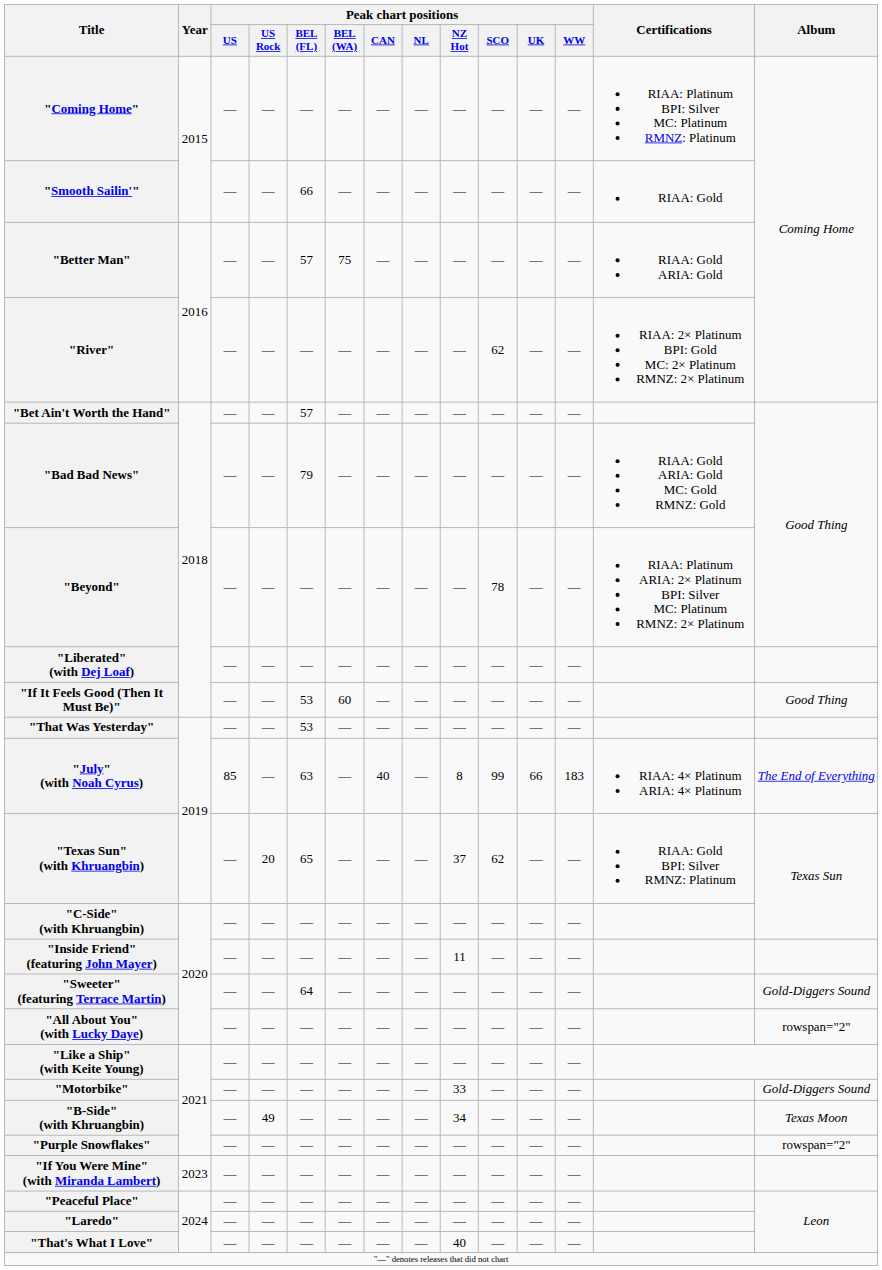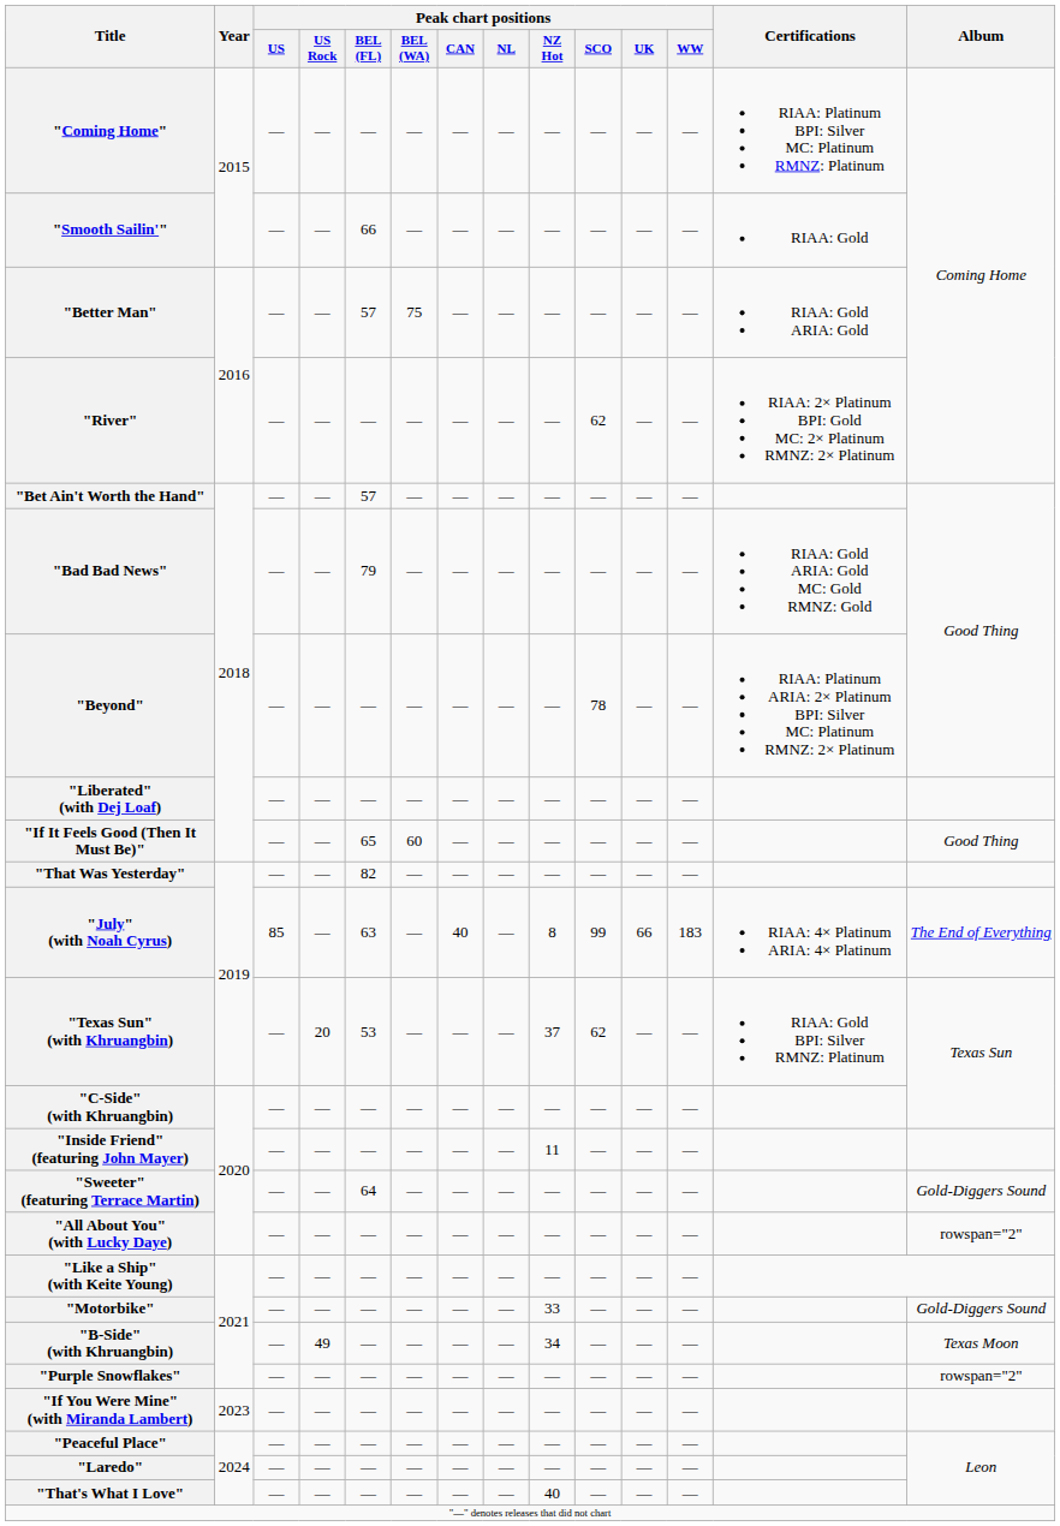 <table class="wikitable plainrowheaders" style="text-align:center;">
 <tr>
 <th scope="col" rowspan="2" style="width:13em;">Title</th>
 <th scope="col" rowspan="2" style="width:1em;">Year</th>
 <th scope="col" colspan="10">Peak chart positions</th>
 <th scope="col" rowspan="2" style="width:12em;">Certifications</th>
 <th scope="col" rowspan="2">Album</th>
 </tr>
 <tr>
 <th scope="col" style="width:3em;font-size:85%;"><a href='#'>US</a><br></th>
 <th scope="col" style="width:3em;font-size:85%;"><a href='#'>US<br>Rock</a><br></th>
 <th scope="col" style="width:3em;font-size:85%;"><a href='#'>BEL<br>(FL)</a><br></th>
 <th scope="col" style="width:3em;font-size:85%;"><a href='#'>BEL<br>(WA)</a><br></th>
 <th scope="col" style="width:3em;font-size:85%;"><a href='#'>CAN</a><br></th>
 <th scope="col" style="width:3em;font-size:85%;"><a href='#'>NL</a><br></th>
 <th scope="col" style="width:3em;font-size:85%;"><a href='#'>NZ<br>Hot</a><br></th>
 <th scope="col" style="width:3em;font-size:85%;"><a href='#'>SCO</a><br></th>
 <th scope="col" style="width:3em;font-size:85%;"><a href='#'>UK</a><br></th>
 <th scope="col" style="width:3em;font-size:85%;"><a href='#'>WW</a><br></th>
 </tr>
 <tr>
 <th scope="row">"<a href='#'>Coming Home</a>"</th>
 <td rowspan="2">2015</td>
 <td>—</td>
 <td>—</td>
 <td>—</td>
 <td>—</td>
 <td>—</td>
 <td>—</td>
 <td>—</td>
 <td>—</td>
 <td>—</td>
 <td>—</td>
 <td><br><ul><li>RIAA: Platinum</li><li>BPI: Silver</li><li>MC: Platinum</li><li><a href='#'>RMNZ</a>: Platinum</li></ul></td>
 <td rowspan="4"><em>Coming Home</em></td>
 </tr>
 <tr>
 <th scope="row">"<a href='#'>Smooth Sailin'</a>"</th>
 <td>—</td>
 <td>—</td>
 <td>66</td>
 <td>—</td>
 <td>—</td>
 <td>—</td>
 <td>—</td>
 <td>—</td>
 <td>—</td>
 <td>—</td>
 <td><br><ul><li>RIAA: Gold</li></ul></td>
 </tr>
 <tr>
 <th scope="row">"Better Man"</th>
 <td rowspan="2">2016</td>
 <td>—</td>
 <td>—</td>
 <td>57</td>
 <td>75</td>
 <td>—</td>
 <td>—</td>
 <td>—</td>
 <td>—</td>
 <td>—</td>
 <td>—</td>
 <td><br><ul><li>RIAA: Gold</li><li>ARIA: Gold</li></ul></td>
 </tr>
 <tr>
 <th scope="row">"River"</th>
 <td>—</td>
 <td>—</td>
 <td>—</td>
 <td>—</td>
 <td>—</td>
 <td>—</td>
 <td>—</td>
 <td>62</td>
 <td>—</td>
 <td>—</td>
 <td><br><ul><li>RIAA: 2× Platinum</li><li>BPI: Gold</li><li>MC: 2× Platinum</li><li>RMNZ: 2× Platinum</li></ul></td>
 </tr>
 <tr>
 <th scope="row">"Bet Ain't Worth the Hand"</th>
 <td rowspan="5">2018</td>
 <td>—</td>
 <td>—</td>
 <td>57</td>
 <td>—</td>
 <td>—</td>
 <td>—</td>
 <td>—</td>
 <td>—</td>
 <td>—</td>
 <td>—</td>
 <td></td>
 <td rowspan="3"><em>Good Thing</em></td>
 </tr>
 <tr>
 <th scope="row">"Bad Bad News"</th>
 <td>—</td>
 <td>—</td>
 <td>79</td>
 <td>—</td>
 <td>—</td>
 <td>—</td>
 <td>—</td>
 <td>—</td>
 <td>—</td>
 <td>—</td>
 <td><br><ul><li>RIAA: Gold</li><li>ARIA: Gold</li><li>MC: Gold</li><li>RMNZ: Gold</li></ul></td>
 </tr>
 <tr>
 <th scope="row">"Beyond"</th>
 <td>—</td>
 <td>—</td>
 <td>—</td>
 <td>—</td>
 <td>—</td>
 <td>—</td>
 <td>—</td>
 <td>78</td>
 <td>—</td>
 <td>—</td>
 <td><br><ul><li>RIAA: Platinum</li><li>ARIA: 2× Platinum</li><li>BPI: Silver</li><li>MC: Platinum</li><li>RMNZ: 2× Platinum</li></ul></td>
 </tr>
 <tr>
 <th scope="row">"Liberated"<br><span>(with <a href='#'>Dej Loaf</a>)</span></th>
 <td>—</td>
 <td>—</td>
 <td>—</td>
 <td>—</td>
 <td>—</td>
 <td>—</td>
 <td>—</td>
 <td>—</td>
 <td>—</td>
 <td>—</td>
 <td></td>
 <td></td>
 </tr>
 <tr>
 <th scope="row">"If It Feels Good (Then It Must Be)"</th>
 <td>—</td>
 <td>—</td>
-<td>53</td>
+<td>65</td>
 <td>60</td>
 <td>—</td>
 <td>—</td>
 <td>—</td>
 <td>—</td>
 <td>—</td>
 <td>—</td>
 <td></td>
 <td><em>Good Thing</em></td>
 </tr>
 <tr>
 <th scope="row">"That Was Yesterday"</th>
 <td rowspan="3">2019</td>
 <td>—</td>
 <td>—</td>
-<td>53</td>
+<td>82</td>
 <td>—</td>
 <td>—</td>
 <td>—</td>
 <td>—</td>
 <td>—</td>
 <td>—</td>
 <td>—</td>
 <td></td>
 <td></td>
 </tr>
 <tr>
 <th scope="row">"<a href='#'>July</a>"<br><span>(with <a href='#'>Noah Cyrus</a>)</span></th>
 <td>85</td>
 <td>—</td>
 <td>63</td>
 <td>—</td>
 <td>40</td>
 <td>—</td>
 <td>8</td>
 <td>99</td>
 <td>66</td>
 <td>183</td>
 <td><br><ul><li>RIAA: 4× Platinum</li><li>ARIA: 4× Platinum</li></ul></td>
 <td><em><a href='#'>The End of Everything</a></em></td>
 </tr>
 <tr>
 <th scope="row">"Texas Sun"<br><span>(with <a href='#'>Khruangbin</a>)</span></th>
 <td>—</td>
 <td>20</td>
-<td>65</td>
+<td>53</td>
 <td>—</td>
 <td>—</td>
 <td>—</td>
 <td>37</td>
 <td>62</td>
 <td>—</td>
 <td>—</td>
 <td><br><ul><li>RIAA: Gold</li><li>BPI: Silver</li><li>RMNZ: Platinum</li></ul></td>
 <td rowspan="2"><em>Texas Sun</em></td>
 </tr>
 <tr>
 <th scope="row">"C-Side"<br><span>(with Khruangbin)</span></th>
 <td rowspan="4">2020</td>
 <td>—</td>
 <td>—</td>
 <td>—</td>
 <td>—</td>
 <td>—</td>
 <td>—</td>
 <td>—</td>
 <td>—</td>
 <td>—</td>
 <td>—</td>
 <td></td>
 </tr>
 <tr>
 <th scope="row">"Inside Friend"<br><span>(featuring <a href='#'>John Mayer</a>)</span></th>
 <td>—</td>
 <td>—</td>
 <td>—</td>
 <td>—</td>
 <td>—</td>
 <td>—</td>
 <td>11</td>
 <td>—</td>
 <td>—</td>
 <td>—</td>
 <td></td>
 <td></td>
 </tr>
 <tr>
 <th scope="row">"Sweeter"<br><span>(featuring <a href='#'>Terrace Martin</a>)</span></th>
 <td>—</td>
 <td>—</td>
 <td>64</td>
 <td>—</td>
 <td>—</td>
 <td>—</td>
 <td>—</td>
 <td>—</td>
 <td>—</td>
 <td>—</td>
 <td></td>
 <td><em>Gold-Diggers Sound</em></td>
 </tr>
 <tr>
 <th scope="row">"All About You"<br><span>(with <a href='#'>Lucky Daye</a>)</span></th>
 <td>—</td>
 <td>—</td>
 <td>—</td>
 <td>—</td>
 <td>—</td>
 <td>—</td>
 <td>—</td>
 <td>—</td>
 <td>—</td>
 <td>—</td>
 <td></td>
 <td>rowspan="2" </td>
 </tr>
 <tr>
 <th scope="row">"Like a Ship"<br><span>(with Keite Young)</span></th>
 <td rowspan="4">2021</td>
 <td>—</td>
 <td>—</td>
 <td>—</td>
 <td>—</td>
 <td>—</td>
 <td>—</td>
 <td>—</td>
 <td>—</td>
 <td>—</td>
 <td>—</td>
 </tr>
 <tr>
 <th scope="row">"Motorbike"</th>
 <td>—</td>
 <td>—</td>
 <td>—</td>
 <td>—</td>
 <td>—</td>
 <td>—</td>
 <td>33</td>
 <td>—</td>
 <td>—</td>
 <td>—</td>
 <td></td>
 <td><em>Gold-Diggers Sound</em></td>
 </tr>
 <tr>
 <th scope="row">"B-Side"<br><span>(with Khruangbin)</span></th>
 <td>—</td>
 <td>49</td>
 <td>—</td>
 <td>—</td>
 <td>—</td>
 <td>—</td>
 <td>34</td>
 <td>—</td>
 <td>—</td>
 <td>—</td>
 <td></td>
 <td><em>Texas Moon</em></td>
 </tr>
 <tr>
 <th scope="row">"Purple Snowflakes" </th>
 <td>—</td>
 <td>—</td>
 <td>—</td>
 <td>—</td>
 <td>—</td>
 <td>—</td>
 <td>—</td>
 <td>—</td>
 <td>—</td>
 <td>—</td>
 <td></td>
 <td>rowspan="2" </td>
 </tr>
 <tr>
 <th scope="row">"If You Were Mine"<br><span>(with <a href='#'>Miranda Lambert</a>)</span></th>
 <td>2023</td>
 <td>—</td>
 <td>—</td>
 <td>—</td>
 <td>—</td>
 <td>—</td>
 <td>—</td>
 <td>—</td>
 <td>—</td>
 <td>—</td>
 <td>—</td>
 <td></td>
 </tr>
 <tr>
 <th scope="row">"Peaceful Place"</th>
 <td rowspan="3">2024</td>
 <td>—</td>
 <td>—</td>
 <td>—</td>
 <td>—</td>
 <td>—</td>
 <td>—</td>
 <td>—</td>
 <td>—</td>
 <td>—</td>
 <td>—</td>
 <td></td>
 <td rowspan="3"><em>Leon</em></td>
 </tr>
 <tr>
 <th scope="row">"Laredo"</th>
 <td>—</td>
 <td>—</td>
 <td>—</td>
 <td>—</td>
 <td>—</td>
 <td>—</td>
 <td>—</td>
 <td>—</td>
 <td>—</td>
 <td>—</td>
 <td></td>
 </tr>
 <tr>
 <th scope="row">"That's What I Love"</th>
 <td>—</td>
 <td>—</td>
 <td>—</td>
 <td>—</td>
 <td>—</td>
 <td>—</td>
 <td>40</td>
 <td>—</td>
 <td>—</td>
 <td>—</td>
 <td></td>
 </tr>
 <tr>
 <td colspan="14" style="font-size:8pt">"—" denotes releases that did not chart</td>
 </tr>
 </table>
